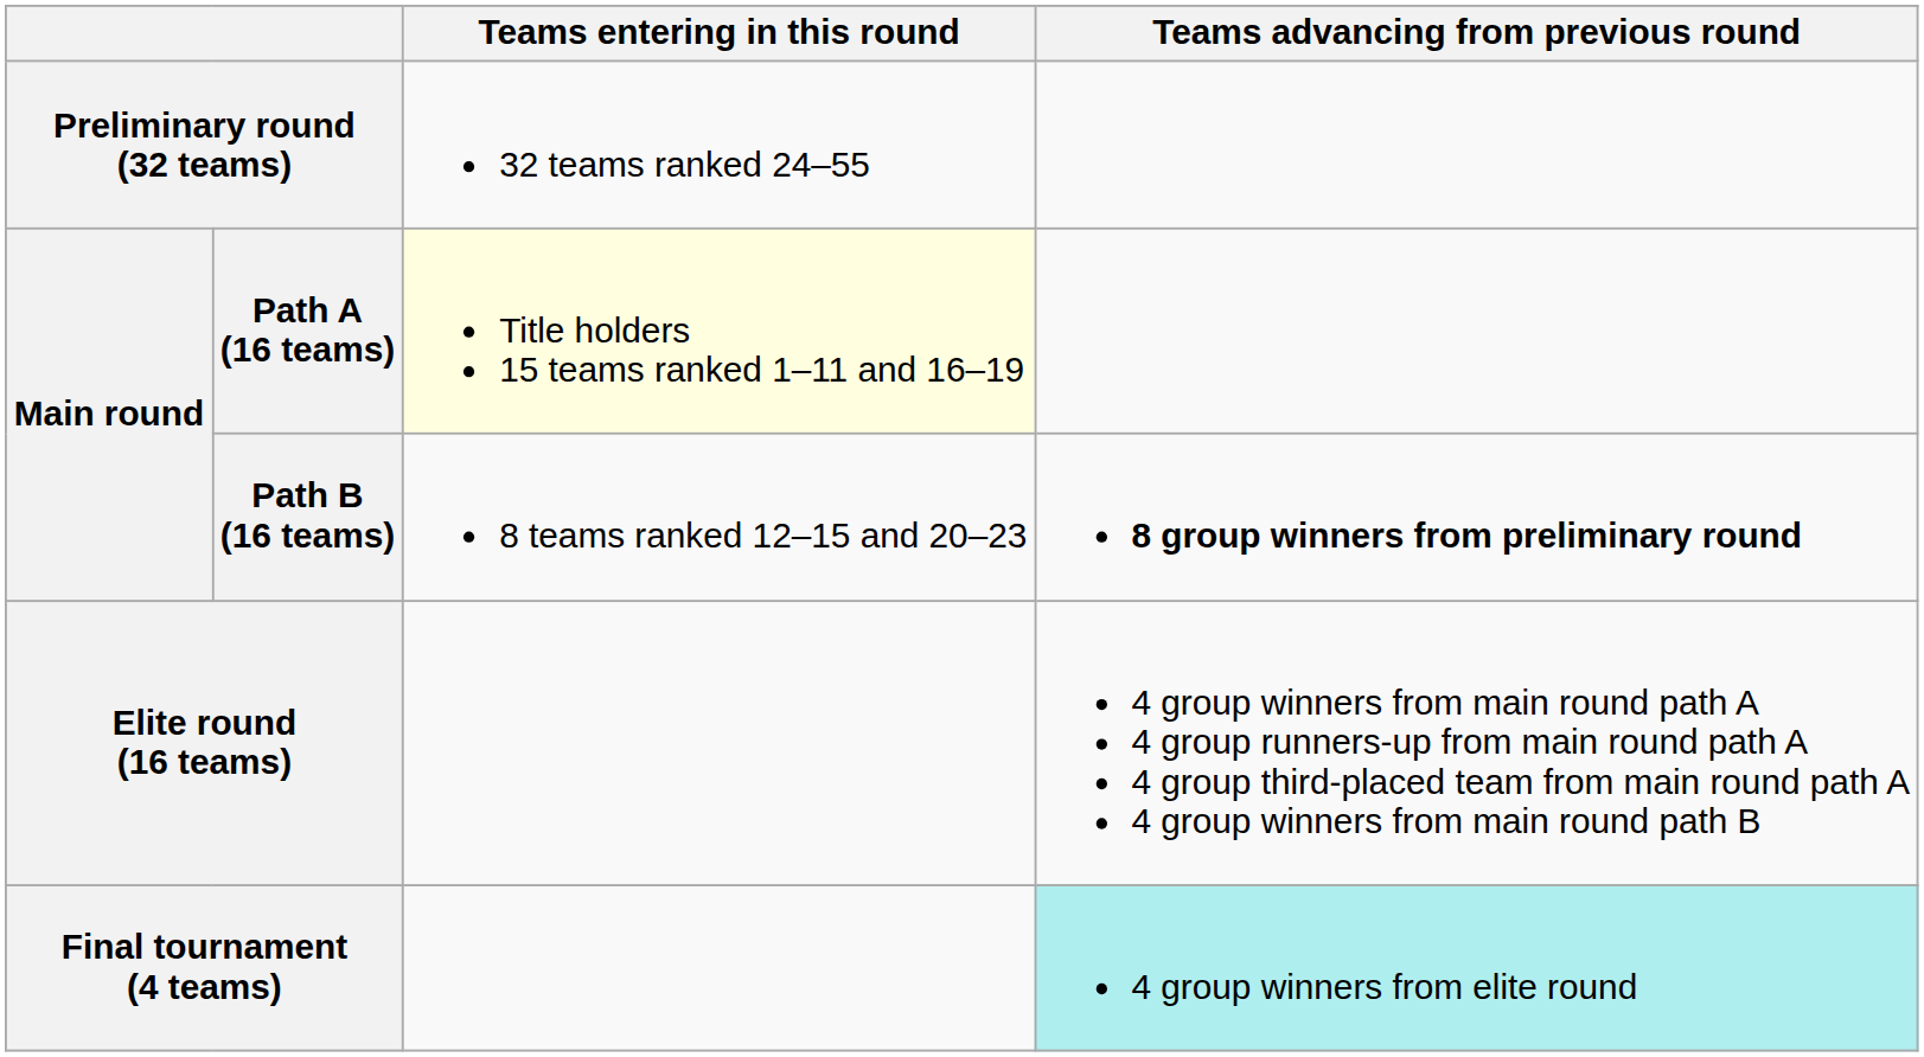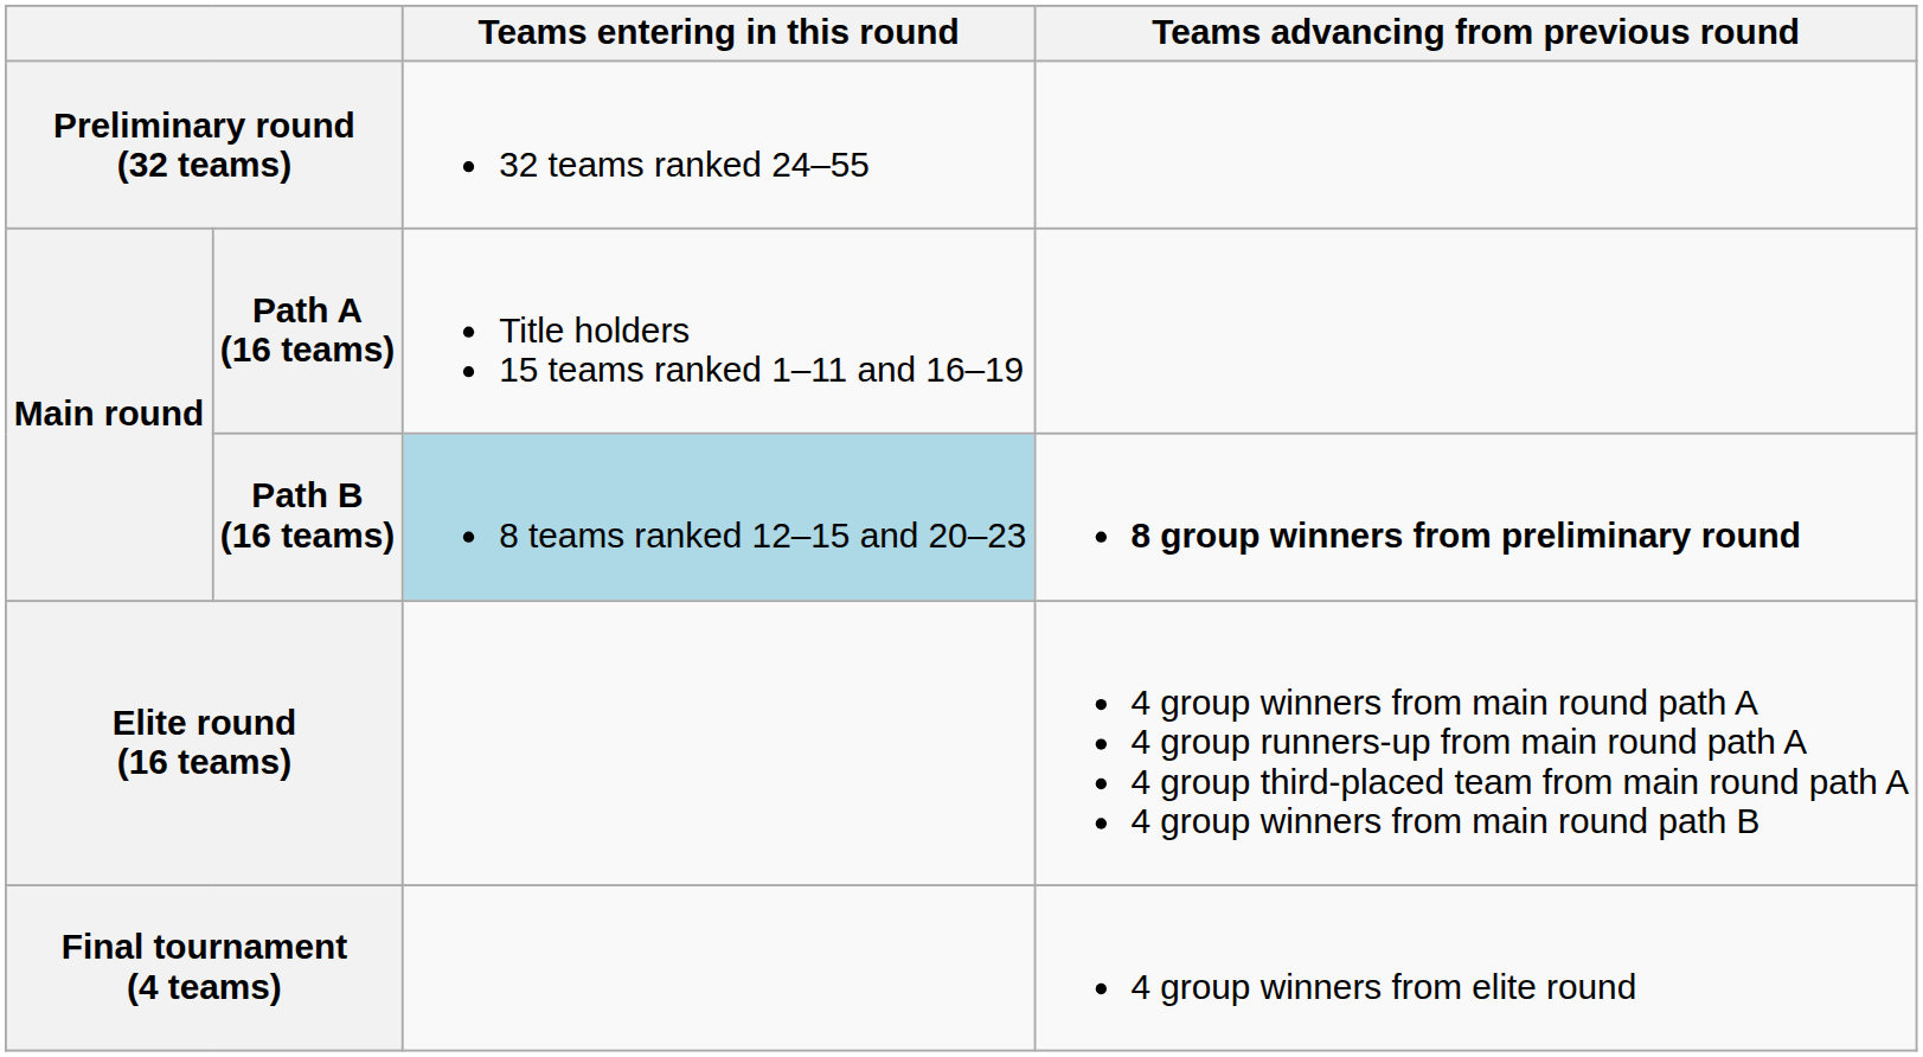 <table class="wikitable">
 <tr>
 <th colspan=2></th>
 <th>Teams entering in this round</th>
 <th>Teams advancing from previous round</th>
 </tr>
 <tr>
 <th colspan=2>Preliminary round<br>(32 teams)</th>
 <td><br><ul><li>32 teams ranked 24–55</li></ul></td>
 <td></td>
 </tr>
 <tr>
 <th rowspan=2>Main round</th>
 <th>Path A<br>(16 teams)</th>
-<td style="background: lightyellow;"><br><ul><li>Title holders</li><li>15 teams ranked 1–11 and 16–19</li></ul></td>
+<td><br><ul><li>Title holders</li><li>15 teams ranked 1–11 and 16–19</li></ul></td>
 <td></td>
 </tr>
 <tr>
 <th>Path B<br>(16 teams)</th>
-<td><br><ul><li>8 teams ranked 12–15 and 20–23</li></ul></td>
+<td style="background: lightblue;"><br><ul><li>8 teams ranked 12–15 and 20–23</li></ul></td>
 <td><strong><br><ul><li>8 group winners from preliminary round</li></ul></strong></td>
 </tr>
 <tr>
 <th colspan=2>Elite round<br>(16 teams)</th>
 <td></td>
 <td><br><ul><li>4 group winners from main round path A</li><li>4 group runners-up from main round path A</li><li>4 group third-placed team from main round path A</li><li>4 group winners from main round path B</li></ul></td>
 </tr>
 <tr>
 <th colspan=2>Final tournament<br>(4 teams)</th>
 <td></td>
-<td style="background: paleturquoise;"><br><ul><li>4 group winners from elite round</li></ul></td>
+<td><br><ul><li>4 group winners from elite round</li></ul></td>
 </tr>
 </table>
